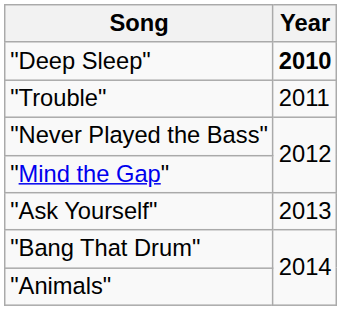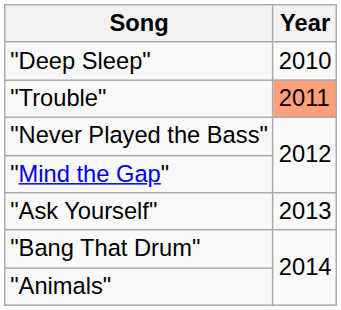 <table class="wikitable" border="1">
 <tr>
 <th scope="col">Song</th>
 <th scope="col">Year</th>
 </tr>
 <tr>
 <td scope="row">"Deep Sleep"</td>
-<td><strong>2010</strong></td>
+<td>2010</td>
 </tr>
 <tr>
 <td>"Trouble"</td>
-<td>2011</td>
+<td style="background: lightsalmon;">2011</td>
 </tr>
 <tr>
 <td>"Never Played the Bass"</td>
 <td rowspan=2>2012</td>
 </tr>
 <tr>
 <td>"<a href='#'>Mind the Gap</a>"</td>
 </tr>
 <tr>
 <td>"Ask Yourself"</td>
 <td>2013</td>
 </tr>
 <tr>
 <td>"Bang That Drum"</td>
 <td rowspan="2">2014</td>
 </tr>
 <tr>
 <td>"Animals"</td>
 </tr>
 </table>
